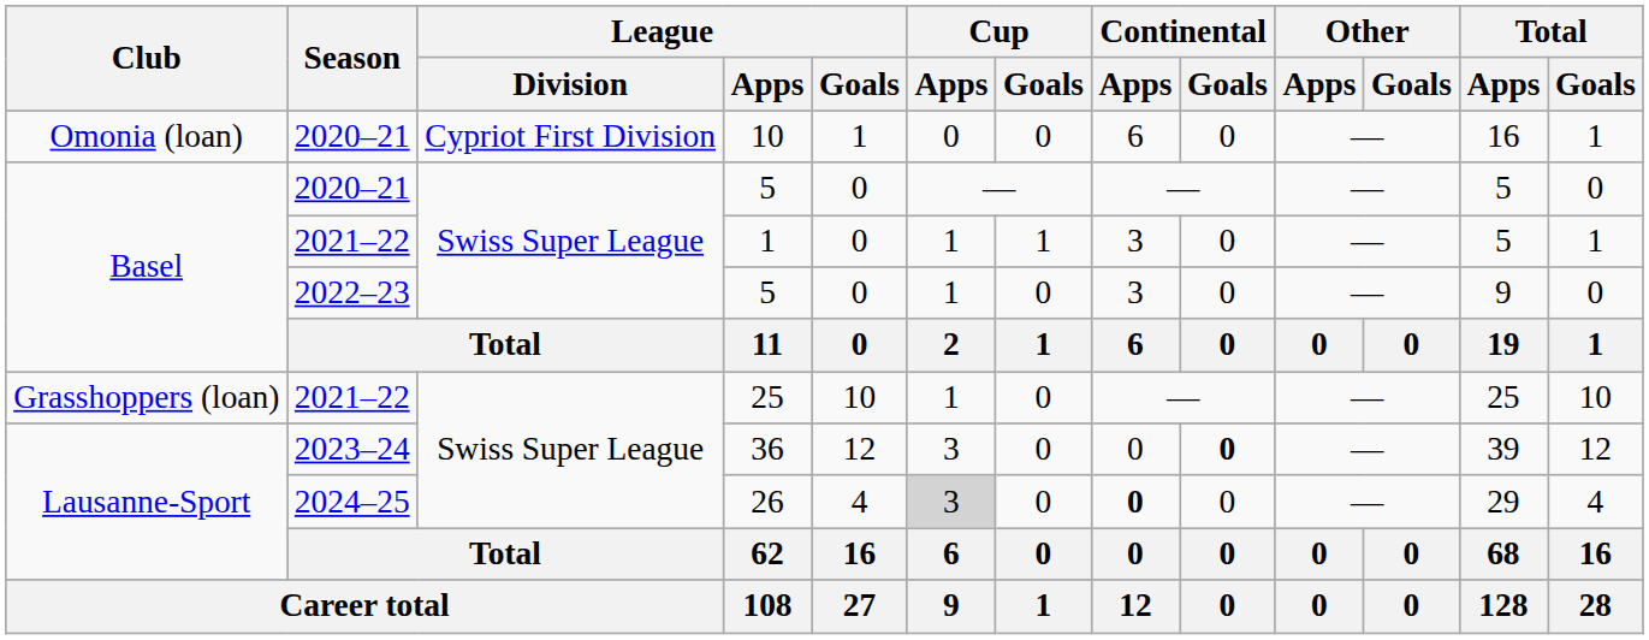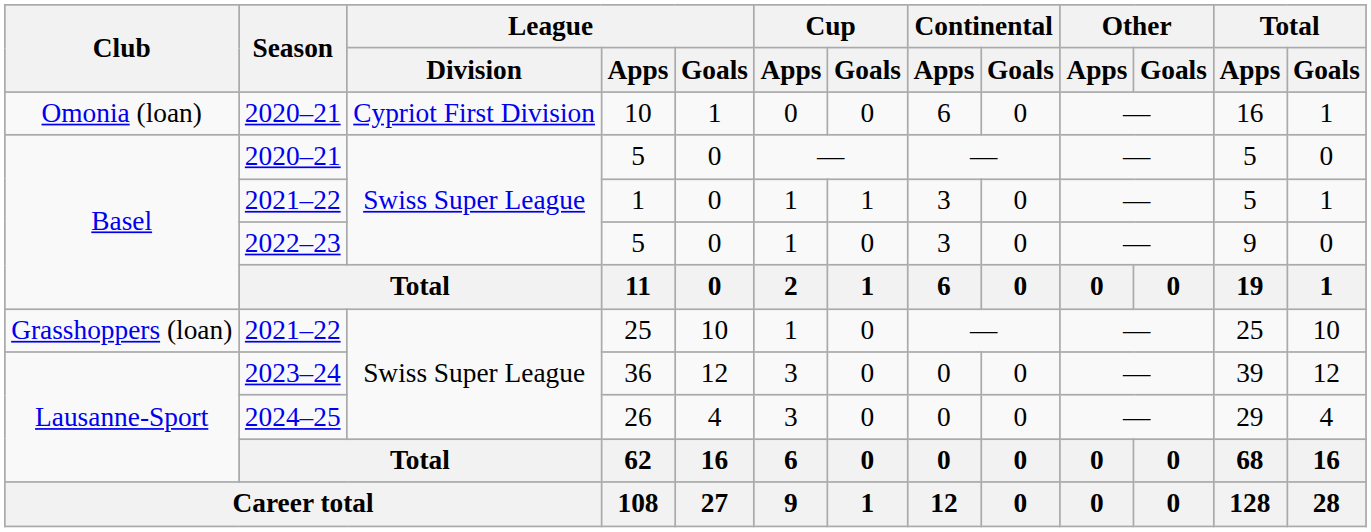 <table class="wikitable" style="text-align:center">
 <tr>
 <th rowspan="2">Club</th>
 <th rowspan="2">Season</th>
 <th colspan="3">League</th>
 <th colspan="2">Cup</th>
 <th colspan="2">Continental</th>
 <th colspan="2">Other</th>
 <th colspan="2">Total</th>
 </tr>
 <tr>
 <th>Division</th>
 <th>Apps</th>
 <th>Goals</th>
 <th>Apps</th>
 <th>Goals</th>
 <th>Apps</th>
 <th>Goals</th>
 <th>Apps</th>
 <th>Goals</th>
 <th>Apps</th>
 <th>Goals</th>
 </tr>
 <tr>
 <td><a href='#'>Omonia</a> (loan)</td>
 <td><a href='#'>2020–21</a></td>
 <td><a href='#'>Cypriot First Division</a></td>
 <td>10</td>
 <td>1</td>
 <td>0</td>
 <td>0</td>
 <td>6</td>
 <td>0</td>
 <td colspan="2">—</td>
 <td>16</td>
 <td>1</td>
 </tr>
 <tr>
 <td rowspan="4"><a href='#'>Basel</a></td>
 <td><a href='#'>2020–21</a></td>
 <td rowspan=3><a href='#'>Swiss Super League</a></td>
 <td>5</td>
 <td>0</td>
 <td colspan="2">—</td>
 <td colspan="2">—</td>
 <td colspan="2">—</td>
 <td>5</td>
 <td>0</td>
 </tr>
 <tr>
 <td><a href='#'>2021–22</a></td>
 <td>1</td>
 <td>0</td>
 <td>1</td>
 <td>1</td>
 <td>3</td>
 <td>0</td>
 <td colspan="2">—</td>
 <td>5</td>
 <td>1</td>
 </tr>
 <tr>
 <td><a href='#'>2022–23</a></td>
 <td>5</td>
 <td>0</td>
 <td>1</td>
 <td>0</td>
 <td>3</td>
 <td>0</td>
 <td colspan="2">—</td>
 <td>9</td>
 <td>0</td>
 </tr>
 <tr>
 <th colspan="2">Total</th>
 <th>11</th>
 <th>0</th>
 <th>2</th>
 <th>1</th>
 <th>6</th>
 <th>0</th>
 <th>0</th>
 <th>0</th>
 <th>19</th>
 <th>1</th>
 </tr>
 <tr>
 <td><a href='#'>Grasshoppers</a> (loan)</td>
 <td><a href='#'>2021–22</a></td>
 <td rowspan=3>Swiss Super League</td>
 <td>25</td>
 <td>10</td>
 <td>1</td>
 <td>0</td>
 <td colspan="2">—</td>
 <td colspan="2">—</td>
 <td>25</td>
 <td>10</td>
 </tr>
 <tr>
 <td rowspan=3><a href='#'>Lausanne-Sport</a></td>
 <td><a href='#'>2023–24</a></td>
 <td>36</td>
 <td>12</td>
 <td>3</td>
 <td>0</td>
 <td>0</td>
-<td><strong>0</strong></td>
+<td>0</td>
 <td colspan="2">—</td>
 <td>39</td>
 <td>12</td>
 </tr>
 <tr>
 <td><a href='#'>2024–25</a></td>
 <td>26</td>
 <td>4</td>
-<td style="background: lightgrey;">3</td>
+<td>3</td>
 <td>0</td>
-<td><strong>0</strong></td>
+<td>0</td>
 <td>0</td>
 <td colspan="2">—</td>
 <td>29</td>
 <td>4</td>
 </tr>
 <tr>
 <th colspan=2>Total</th>
 <th>62</th>
 <th>16</th>
 <th>6</th>
 <th>0</th>
 <th>0</th>
 <th>0</th>
 <th>0</th>
 <th>0</th>
 <th>68</th>
 <th>16</th>
 </tr>
 <tr>
 <th colspan="3">Career total</th>
 <th>108</th>
 <th>27</th>
 <th>9</th>
 <th>1</th>
 <th>12</th>
 <th>0</th>
 <th>0</th>
 <th>0</th>
 <th>128</th>
 <th>28</th>
 </tr>
 </table>
